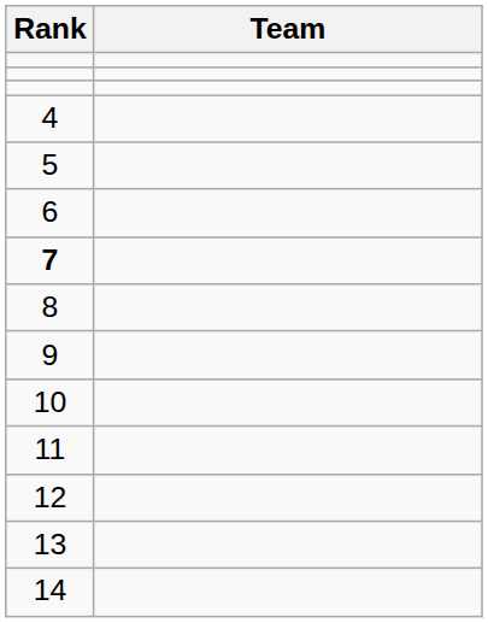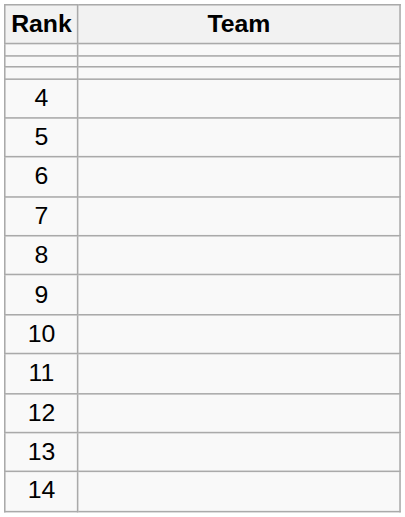 <table class="wikitable"style="text-align:center;">
 <tr>
 <th style="width:40px;">Rank</th>
 <th style="width:200px;">Team</th>
 </tr>
 <tr>
 <td></td>
 <td style="text-align:left;"></td>
 </tr>
 <tr>
 <td></td>
 <td style="text-align:left;"></td>
 </tr>
 <tr>
 <td></td>
 <td style="text-align:left;"></td>
 </tr>
 <tr>
 <td>4</td>
 <td style="text-align:left;"></td>
 </tr>
 <tr>
 <td>5</td>
 <td style="text-align:left;"></td>
 </tr>
 <tr>
 <td>6</td>
 <td style="text-align:left;"></td>
 </tr>
 <tr>
-<td><strong>7</strong></td>
+<td>7</td>
 <td style="text-align:left;"></td>
 </tr>
 <tr>
 <td>8</td>
 <td style="text-align:left;"></td>
 </tr>
 <tr>
 <td>9</td>
 <td style="text-align:left;"></td>
 </tr>
 <tr>
 <td>10</td>
 <td style="text-align:left;"></td>
 </tr>
 <tr>
 <td>11</td>
 <td style="text-align:left;"></td>
 </tr>
 <tr>
 <td>12</td>
 <td style="text-align:left;"></td>
 </tr>
 <tr>
 <td>13</td>
 <td style="text-align:left;"></td>
 </tr>
 <tr>
 <td>14</td>
 <td style="text-align:left;"></td>
 </tr>
 </table>
